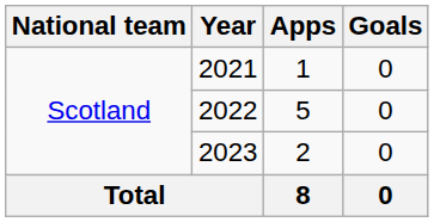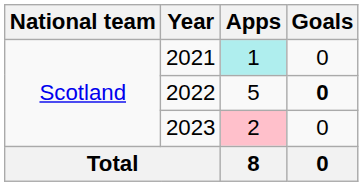 <table class=wikitable style="text-align: center">
 <tr>
 <th>National team</th>
 <th>Year</th>
 <th>Apps</th>
 <th>Goals</th>
 </tr>
 <tr>
 <td rowspan=3><a href='#'>Scotland</a></td>
 <td>2021</td>
-<td>1</td>
+<td style="background: paleturquoise;">1</td>
 <td>0</td>
 </tr>
 <tr>
 <td>2022</td>
 <td>5</td>
-<td>0</td>
+<td><strong>0</strong></td>
 </tr>
 <tr>
 <td>2023</td>
-<td>2</td>
+<td style="background: pink;">2</td>
 <td>0</td>
 </tr>
 <tr>
 <th colspan=2>Total</th>
 <th>8</th>
 <th>0</th>
 </tr>
 </table>
